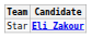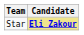 <table class="wikitable" style="text-align:center">
 <tr>
 <th>Team</th>
 <th>Candidate</th>
 </tr>
 <tr>
 <td>Star</td>
-<td><strong><a href='#'>Eli Zakour</a></strong></td>
+<td style="background: khaki;"><strong><a href='#'>Eli Zakour</a></strong></td>
 </tr>
 </table>
